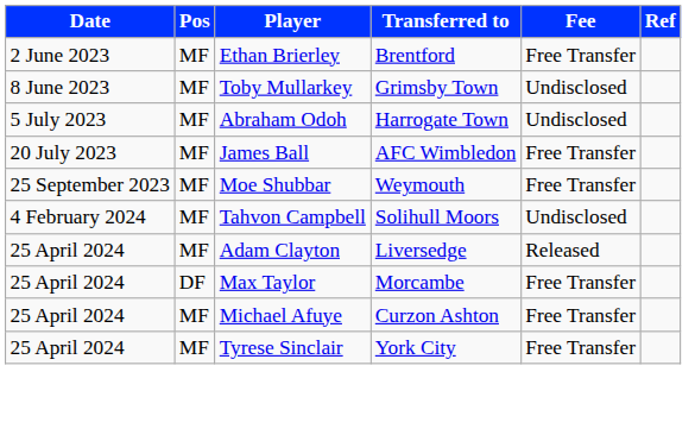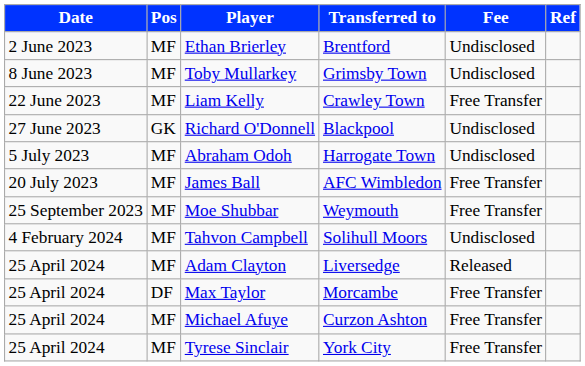 <table class="wikitable plainrowheaders sortable">
 <tr>
 <th style="background:#03f;color:#fff;">Date</th>
 <th style="background:#03f;color:#fff;">Pos</th>
 <th style="background:#03f;color:#fff;">Player</th>
 <th style="background:#03f;color:#fff;">Transferred to</th>
 <th style="background:#03f;color:#fff;">Fee</th>
 <th style="background:#03f;color:#fff;">Ref</th>
 </tr>
 <tr>
 <td>2 June 2023</td>
 <td>MF</td>
 <td> <a href='#'>Ethan Brierley</a></td>
 <td> <a href='#'>Brentford</a></td>
-<td>Free Transfer</td>
+<td>Undisclosed</td>
 <td></td>
 </tr>
 <tr>
 <td>8 June 2023</td>
 <td>MF</td>
 <td> <a href='#'>Toby Mullarkey</a></td>
 <td> <a href='#'>Grimsby Town</a></td>
+<td>Undisclosed</td>
+<td></td>
+</tr>
+<tr>
+<td>22 June 2023</td>
+<td>MF</td>
+<td> <a href='#'>Liam Kelly</a></td>
+<td> <a href='#'>Crawley Town</a></td>
+<td>Free Transfer</td>
+<td></td>
+</tr>
+<tr>
+<td>27 June 2023</td>
+<td>GK</td>
+<td> <a href='#'>Richard O'Donnell</a></td>
+<td> <a href='#'>Blackpool</a></td>
 <td>Undisclosed</td>
 <td></td>
 </tr>
 <tr>
 <td>5 July 2023</td>
 <td>MF</td>
 <td> <a href='#'>Abraham Odoh</a></td>
 <td> <a href='#'>Harrogate Town</a></td>
 <td>Undisclosed</td>
 <td></td>
 </tr>
 <tr>
 <td>20 July 2023</td>
 <td>MF</td>
 <td> <a href='#'>James Ball</a></td>
 <td> <a href='#'>AFC Wimbledon</a></td>
 <td>Free Transfer</td>
 <td></td>
 </tr>
 <tr>
 <td>25 September 2023</td>
 <td>MF</td>
 <td> <a href='#'>Moe Shubbar</a></td>
 <td> <a href='#'>Weymouth</a></td>
 <td>Free Transfer</td>
 <td></td>
 </tr>
 <tr>
 <td>4 February 2024</td>
 <td>MF</td>
 <td> <a href='#'>Tahvon Campbell</a></td>
 <td> <a href='#'>Solihull Moors</a></td>
 <td>Undisclosed</td>
 <td></td>
 </tr>
 <tr>
 <td>25 April 2024</td>
 <td>MF</td>
 <td> <a href='#'>Adam Clayton</a></td>
 <td> <a href='#'>Liversedge</a></td>
 <td>Released</td>
 <td></td>
 </tr>
 <tr>
 <td>25 April 2024</td>
 <td>DF</td>
 <td> <a href='#'>Max Taylor</a></td>
 <td> <a href='#'>Morcambe</a></td>
 <td>Free Transfer</td>
 <td></td>
 </tr>
 <tr>
 <td>25 April 2024</td>
 <td>MF</td>
 <td> <a href='#'>Michael Afuye</a></td>
 <td> <a href='#'>Curzon Ashton</a></td>
 <td>Free Transfer</td>
 <td></td>
 </tr>
 <tr>
 <td>25 April 2024</td>
 <td>MF</td>
 <td> <a href='#'>Tyrese Sinclair</a></td>
 <td> <a href='#'>York City</a></td>
 <td>Free Transfer</td>
 <td></td>
 </tr>
 </table>
